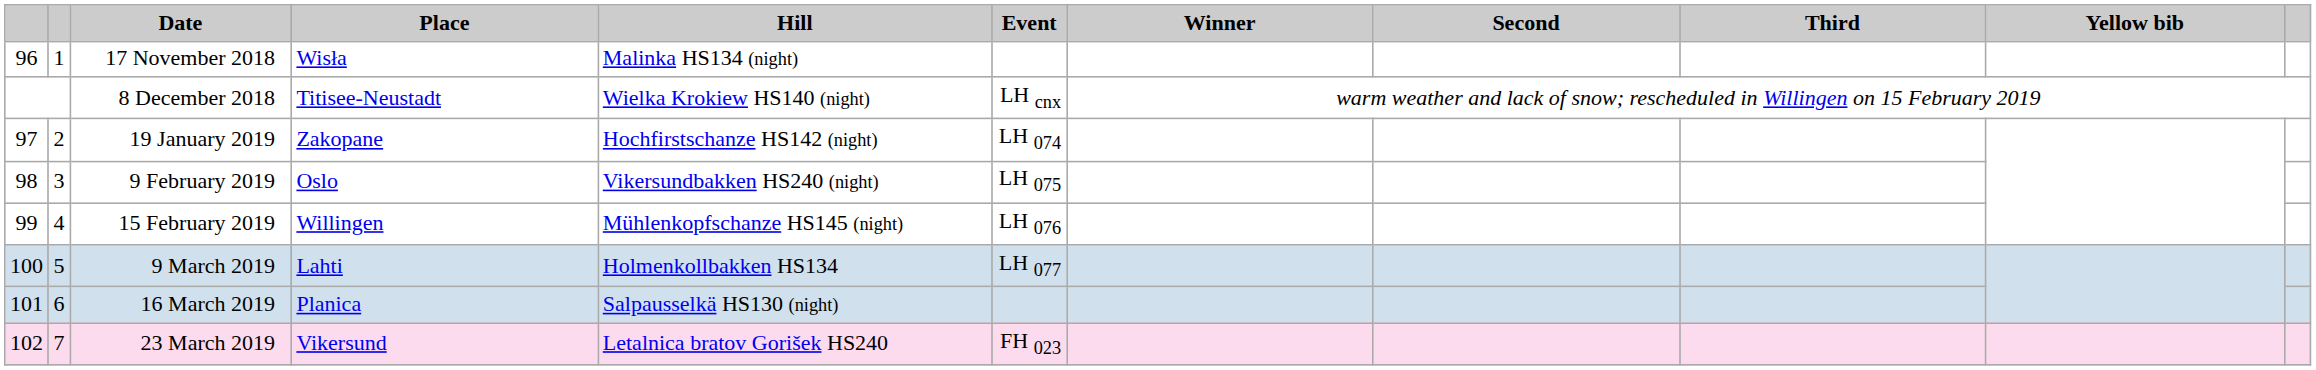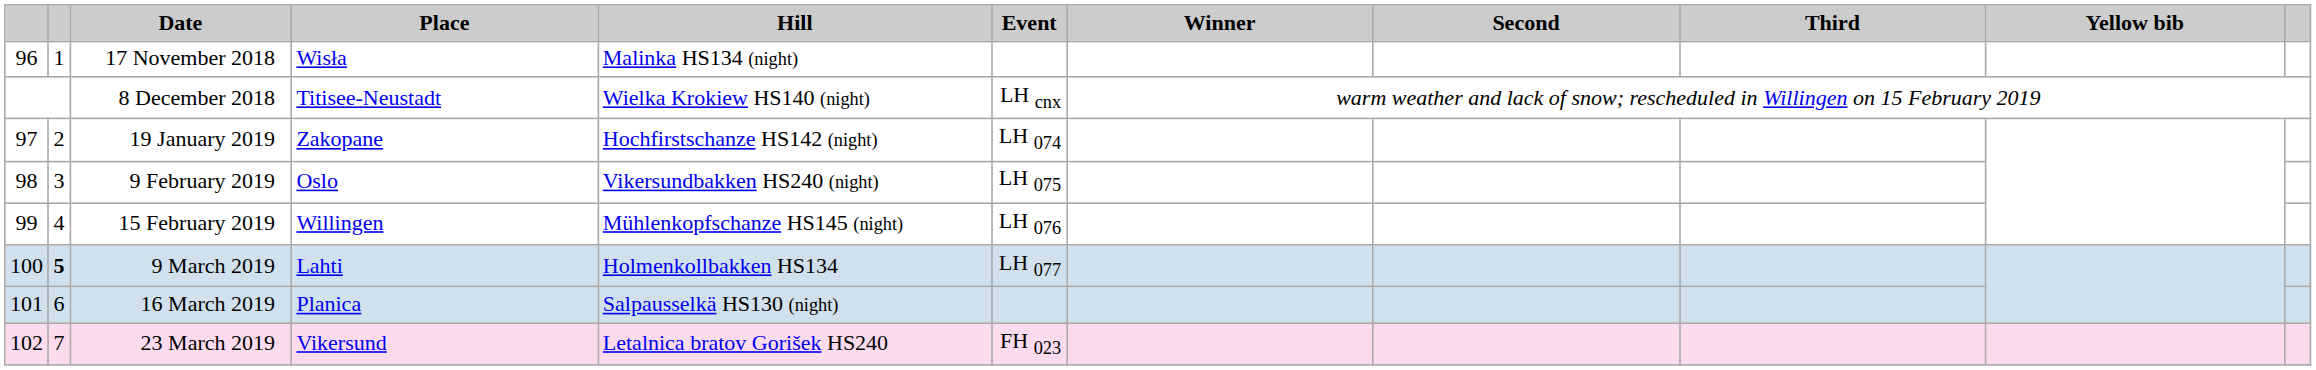 <table class="wikitable plainrowheaders" style="background:#fff; font-size:86%; line-height:16px; border:grey solid 1px; border-collapse:collapse;">
 <tr>
 <th scope="col" style="background:#ccc; width=20 px;"></th>
 <th scope="col" style="background:#ccc; width=30 px;"></th>
 <th scope="col" style="background:#ccc; width:132px;">Date</th>
 <th scope="col" style="background:#ccc; width:185px;">Place</th>
 <th scope="col" style="background:#ccc; width:240px;">Hill</th>
 <th scope="col" style="background:#ccc; width:40px;">Event</th>
 <th scope="col" style="background:#ccc; width:185px;">Winner</th>
 <th scope="col" style="background:#ccc; width:185px;">Second</th>
 <th scope="col" style="background:#ccc; width:185px;">Third</th>
 <th scope="col" style="background:#ccc; width:180px;">Yellow bib</th>
 <th scope="col" style="background:#ccc; width:10px;"></th>
 </tr>
 <tr>
 <td align=center>96</td>
 <td align=center>1</td>
 <td align=right>17 November 2018  </td>
 <td> <a href='#'>Wisła</a></td>
 <td><a href='#'>Malinka</a> HS134 <small>(night)</small></td>
 <td align=right></td>
 <td></td>
 <td></td>
 <td></td>
 <td></td>
 <td></td>
 </tr>
 <tr>
 <td colspan=2></td>
 <td align=right>8 December 2018  </td>
 <td> <a href='#'>Titisee-Neustadt</a></td>
 <td><a href='#'>Wielka Krokiew</a> HS140 <small>(night)</small></td>
 <td align=right>LH <sub>cnx</sub></td>
 <td align=center colspan=5><em>warm weather and lack of snow; rescheduled in <a href='#'>Willingen</a> on 15 February 2019</em></td>
 </tr>
 <tr>
 <td align=center>97</td>
 <td align=center>2</td>
 <td align=right>19 January 2019  </td>
 <td> <a href='#'>Zakopane</a></td>
 <td><a href='#'>Hochfirstschanze</a> HS142 <small>(night)</small></td>
 <td align=right>LH <sub>074</sub></td>
 <td></td>
 <td></td>
 <td></td>
 <td rowspan="3"></td>
 <td></td>
 </tr>
 <tr>
 <td align=center>98</td>
 <td align=center>3</td>
 <td align=right>9 February 2019  </td>
 <td> <a href='#'>Oslo</a></td>
 <td><a href='#'>Vikersundbakken</a> HS240 <small>(night)</small></td>
 <td align=right>LH <sub>075</sub></td>
 <td></td>
 <td></td>
 <td></td>
 <td></td>
 </tr>
 <tr>
 <td align=center>99</td>
 <td align=center>4</td>
 <td align=right><small></small>15 February 2019  </td>
 <td> <a href='#'>Willingen</a></td>
 <td><a href='#'>Mühlenkopfschanze</a> HS145 <small>(night)</small></td>
 <td align=right>LH <sub>076</sub></td>
 <td></td>
 <td></td>
 <td></td>
 <td></td>
 </tr>
 <tr bgcolor=#d0e0ed>
 <td align=center>100</td>
-<td align=center>5</td>
+<td align=center><strong>5</strong></td>
 <td align=right><small></small>9 March 2019  </td>
 <td> <a href='#'>Lahti</a></td>
 <td><a href='#'>Holmenkollbakken</a> HS134</td>
 <td align=right>LH <sub>077</sub></td>
 <td></td>
 <td></td>
 <td></td>
 <td rowspan="2"></td>
 <td></td>
 </tr>
 <tr bgcolor=#d0e0ed>
 <td align=center>101</td>
 <td align=center>6</td>
 <td align=right>16 March 2019  </td>
 <td> <a href='#'>Planica</a></td>
 <td><a href='#'>Salpausselkä</a> HS130 <small>(night)</small></td>
 <td align=right></td>
 <td></td>
 <td></td>
 <td></td>
 <td></td>
 </tr>
 <tr bgcolor=#fcdbee>
 <td align=center>102</td>
 <td align=center>7</td>
 <td align=right>23 March 2019  </td>
 <td> <a href='#'>Vikersund</a></td>
 <td><a href='#'>Letalnica bratov Gorišek</a> HS240</td>
 <td align=right>FH <sub>023</sub></td>
 <td></td>
 <td></td>
 <td></td>
 <td></td>
 <td></td>
 </tr>
 </table>
